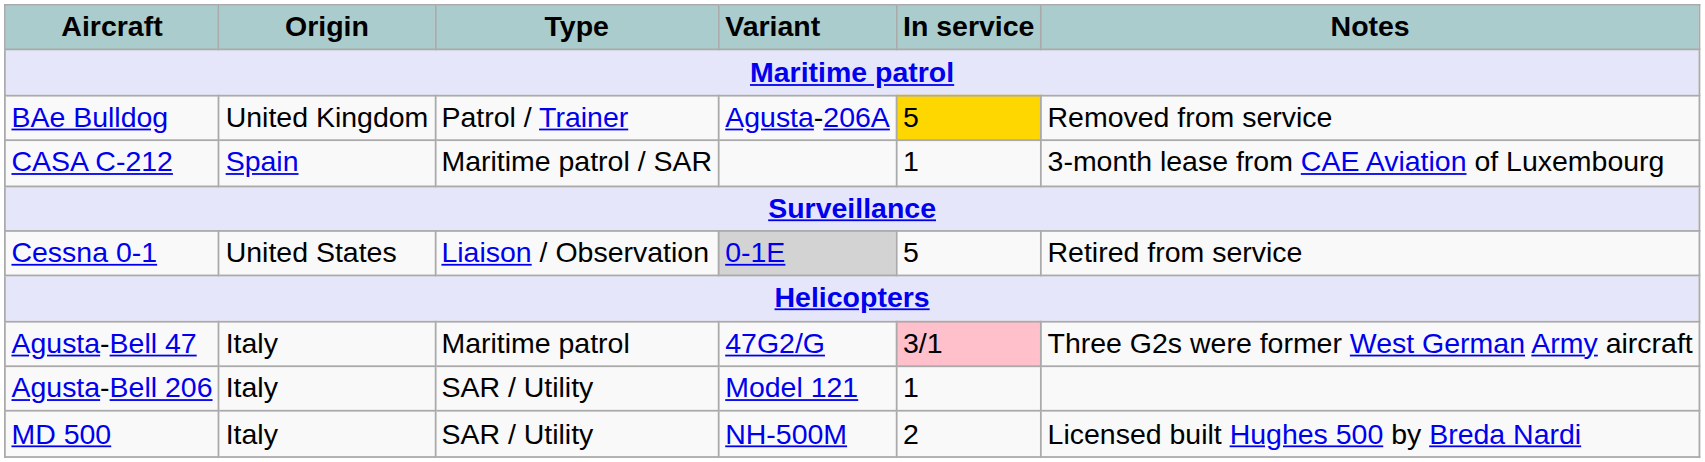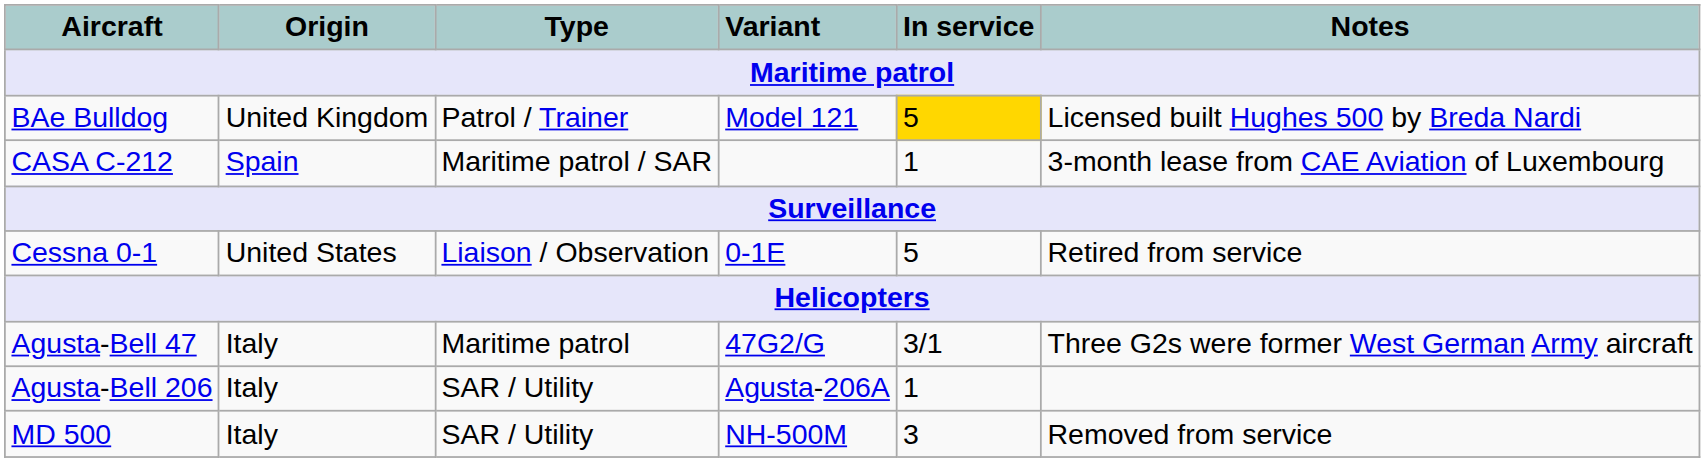 <table class="wikitable">
 <tr>
 <th style="text-align:center; background:#acc;">Aircraft</th>
 <th style="text-align: center; background:#acc;">Origin</th>
 <th style="text-align:l center; background:#acc;">Type</th>
 <th style="text-align:left; background:#acc;">Variant</th>
 <th style="text-align:center; background:#acc;">In service</th>
 <th style="text-align: center; background:#acc;">Notes</th>
 </tr>
 <tr>
 <th style="align: center; background: lavender;" colspan="7"><a href='#'>Maritime patrol</a></th>
 </tr>
 <tr>
 <td><a href='#'>BAe Bulldog</a></td>
 <td>United Kingdom</td>
 <td>Patrol / <a href='#'>Trainer</a></td>
-<td><a href='#'>Agusta</a>-<a href='#'>206A</a></td>
+<td><a href='#'>Model 121</a></td>
 <td style="background: gold;">5</td>
-<td>Removed from service</td>
+<td>Licensed built <a href='#'>Hughes 500</a> by <a href='#'>Breda Nardi</a></td>
 </tr>
 <tr>
 <td><a href='#'>CASA C-212</a></td>
 <td><a href='#'>Spain</a></td>
 <td>Maritime patrol / SAR</td>
 <td></td>
 <td>1</td>
 <td>3-month lease from <a href='#'>CAE Aviation</a> of Luxembourg</td>
 </tr>
 <tr>
 <th style="align: center; background: lavender;" colspan="7"><a href='#'>Surveillance</a></th>
 </tr>
 <tr>
 <td><a href='#'>Cessna 0-1</a></td>
 <td>United States</td>
 <td><a href='#'>Liaison</a> / Observation</td>
-<td style="background: lightgrey;"><a href='#'>0-1E</a></td>
+<td><a href='#'>0-1E</a></td>
 <td>5</td>
 <td>Retired from service</td>
 </tr>
 <tr>
 <th style="align: center; background: lavender;" colspan="7"><a href='#'>Helicopters</a></th>
 </tr>
 <tr>
 <td><a href='#'>Agusta</a>-<a href='#'>Bell 47</a></td>
 <td>Italy</td>
 <td>Maritime patrol</td>
 <td><a href='#'>47G2/G</a></td>
-<td style="background: pink;">3/1</td>
+<td>3/1</td>
 <td>Three G2s were former <a href='#'>West German</a> <a href='#'>Army</a> aircraft</td>
 </tr>
 <tr>
 <td><a href='#'>Agusta</a>-<a href='#'>Bell 206</a></td>
 <td>Italy</td>
 <td>SAR / Utility</td>
-<td><a href='#'>Model 121</a></td>
+<td><a href='#'>Agusta</a>-<a href='#'>206A</a></td>
 <td>1</td>
 <td></td>
 </tr>
 <tr>
 <td><a href='#'>MD 500</a></td>
 <td>Italy</td>
 <td>SAR / Utility</td>
 <td><a href='#'>NH-500M</a></td>
-<td>2</td>
-<td>Licensed built <a href='#'>Hughes 500</a> by <a href='#'>Breda Nardi</a></td>
+<td>3</td>
+<td>Removed from service</td>
 </tr>
 </table>
